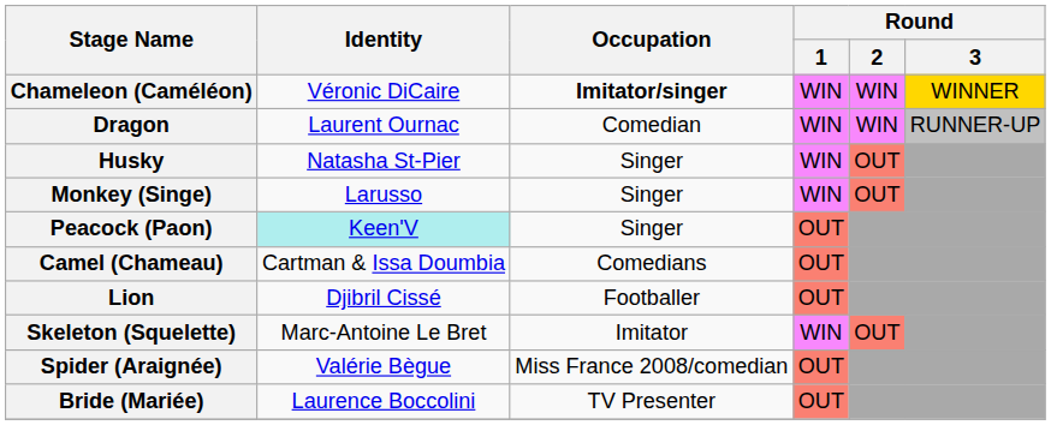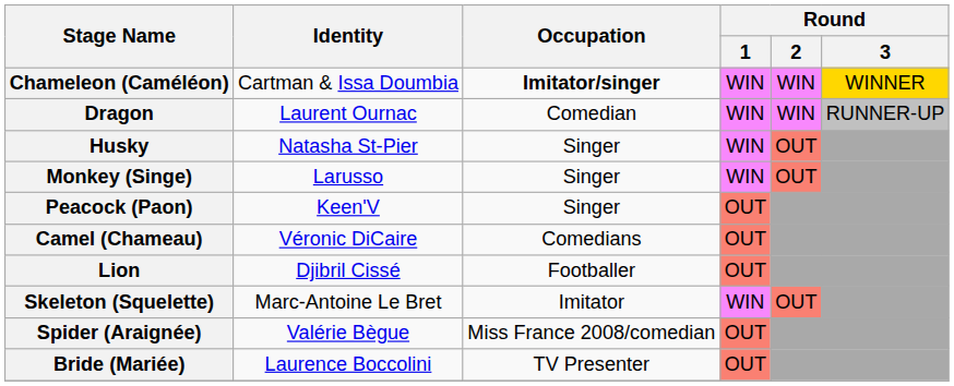 <table class="wikitable" style="text-align:center; ">
 <tr>
 <th rowspan="2">Stage Name</th>
 <th rowspan="2">Identity</th>
 <th rowspan="2">Occupation</th>
 <th colspan="6">Round</th>
 </tr>
 <tr>
 <th>1</th>
 <th>2</th>
 <th>3</th>
 </tr>
 <tr>
 <th>Chameleon (Caméléon)</th>
-<td><a href='#'>Véronic DiCaire</a></td>
+<td>Cartman & <a href='#'>Issa Doumbia</a></td>
 <td><strong>Imitator/singer</strong></td>
 <td bgcolor="#F888FD">WIN</td>
 <td bgcolor="#F888FD">WIN</td>
 <td bgcolor="gold">WINNER</td>
 </tr>
 <tr>
 <th>Dragon</th>
 <td><a href='#'>Laurent Ournac</a></td>
 <td>Comedian</td>
 <td bgcolor="#F888FD">WIN</td>
 <td bgcolor="#F888FD">WIN</td>
 <td bgcolor="silver">RUNNER-UP</td>
 </tr>
 <tr>
 <th>Husky</th>
 <td><a href='#'>Natasha St-Pier</a></td>
 <td>Singer</td>
 <td bgcolor="#F888FD">WIN</td>
 <td bgcolor="salmon">OUT</td>
 <td bgcolor="darkgrey"></td>
 </tr>
 <tr>
 <th>Monkey (Singe)</th>
 <td><a href='#'>Larusso</a></td>
 <td>Singer</td>
 <td bgcolor="#F888FD">WIN</td>
 <td bgcolor="salmon">OUT</td>
 <td bgcolor="darkgrey"></td>
 </tr>
 <tr>
 <th>Peacock (Paon)</th>
-<td style="background: paleturquoise;"><a href='#'>Keen'V</a></td>
+<td><a href='#'>Keen'V</a></td>
 <td>Singer</td>
 <td bgcolor="salmon">OUT</td>
 <td colspan="2" bgcolor="darkgrey"></td>
 </tr>
 <tr>
 <th>Camel (Chameau)</th>
-<td>Cartman & <a href='#'>Issa Doumbia</a></td>
+<td><a href='#'>Véronic DiCaire</a></td>
 <td>Comedians</td>
 <td bgcolor="salmon">OUT</td>
 <td colspan="2" bgcolor="darkgrey"></td>
 </tr>
 <tr>
 <th>Lion</th>
 <td><a href='#'>Djibril Cissé</a></td>
 <td>Footballer</td>
 <td bgcolor="salmon">OUT</td>
 <td colspan="2" bgcolor="darkgrey"></td>
 </tr>
 <tr>
 <th>Skeleton (Squelette)</th>
 <td>Marc-Antoine Le Bret</td>
 <td>Imitator</td>
 <td bgcolor="#F888FD">WIN</td>
 <td bgcolor="salmon">OUT</td>
 <td bgcolor="darkgrey"></td>
 </tr>
 <tr>
 <th>Spider (Araignée)</th>
 <td><a href='#'>Valérie Bègue</a></td>
 <td>Miss France 2008/comedian</td>
 <td bgcolor="salmon">OUT</td>
 <td colspan="2" bgcolor="darkgrey"></td>
 </tr>
 <tr>
 <th>Bride (Mariée)</th>
 <td><a href='#'>Laurence Boccolini</a></td>
 <td>TV Presenter</td>
 <td bgcolor="salmon">OUT</td>
 <td colspan="2" bgcolor="darkgrey"></td>
 </tr>
 <tr>
 </tr>
 </table>
